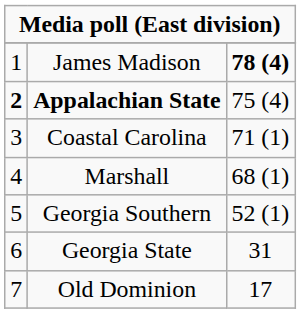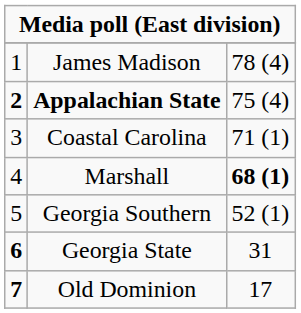 <table class="wikitable" style="display: inline-table;">
 <tr>
 <td align="center" Colspan="3"><strong>Media poll (East division)</strong></td>
 </tr>
 <tr align="center">
 </tr>
 <tr align="center">
 <td>1</td>
 <td>James Madison</td>
-<td><strong>78 (4)</strong></td>
+<td>78 (4)</td>
 </tr>
 <tr align="center">
 <td><strong>2</strong></td>
 <td><strong>Appalachian State</strong></td>
 <td>75 (4)</td>
 </tr>
 <tr align="center">
 <td>3</td>
 <td>Coastal Carolina</td>
 <td>71 (1)</td>
 </tr>
 <tr align="center">
 <td>4</td>
 <td>Marshall</td>
-<td>68 (1)</td>
+<td><strong>68 (1)</strong></td>
 </tr>
 <tr align="center">
 <td>5</td>
 <td>Georgia Southern</td>
 <td>52 (1)</td>
 </tr>
 <tr align="center">
-<td>6</td>
+<td><strong>6</strong></td>
 <td>Georgia State</td>
 <td>31</td>
 </tr>
 <tr align="center">
-<td>7</td>
+<td><strong>7</strong></td>
 <td>Old Dominion</td>
 <td>17</td>
 </tr>
 </table>
